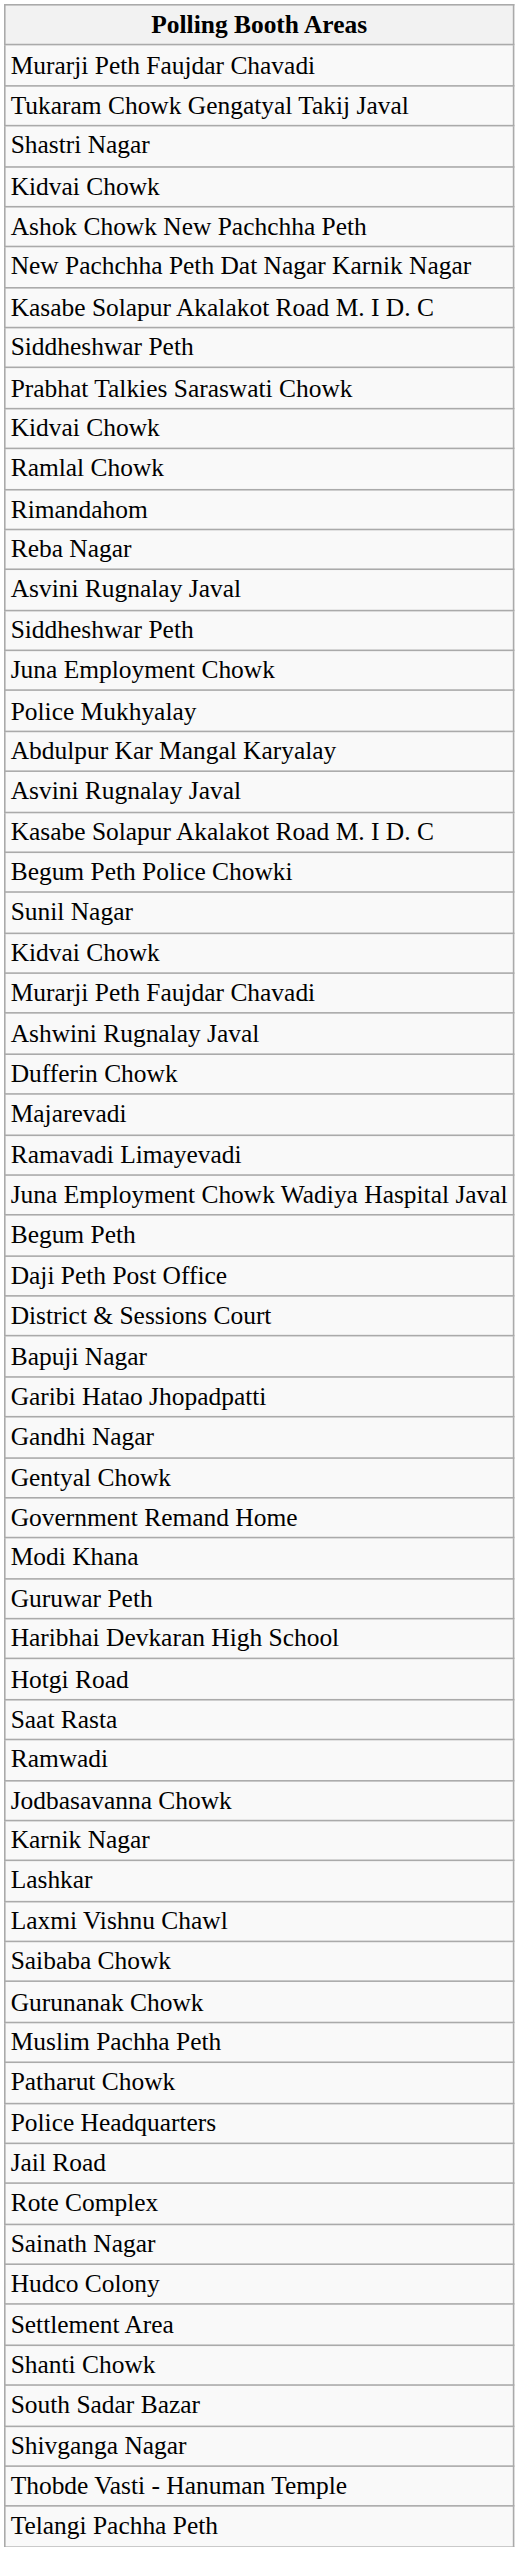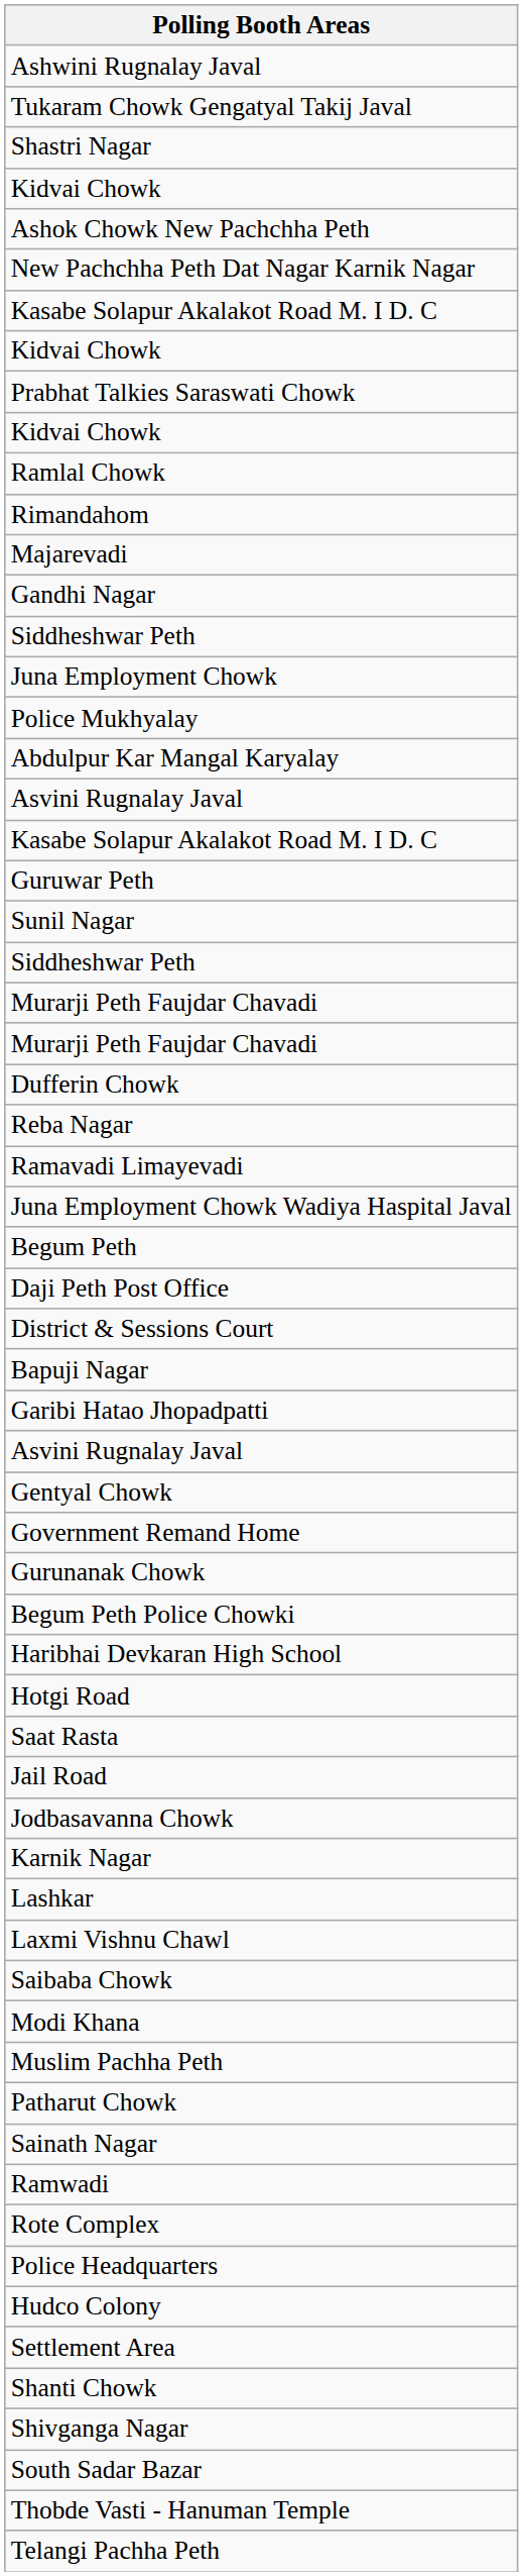 <table class="wikitable">
 <tr>
 <th><strong>Polling Booth Areas</strong></th>
 </tr>
 <tr>
-<td>Murarji Peth Faujdar Chavadi</td>
+<td>Ashwini Rugnalay Javal</td>
 </tr>
 <tr>
 <td>Tukaram Chowk Gengatyal Takij Javal</td>
 </tr>
 <tr>
 <td>Shastri Nagar</td>
 </tr>
 <tr>
 <td>Kidvai Chowk</td>
 </tr>
 <tr>
 <td>Ashok Chowk New Pachchha Peth</td>
 </tr>
 <tr>
 <td>New Pachchha Peth Dat Nagar Karnik Nagar</td>
 </tr>
 <tr>
 <td>Kasabe Solapur Akalakot Road M. I D. C</td>
 </tr>
 <tr>
-<td>Siddheshwar Peth</td>
+<td>Kidvai Chowk</td>
 </tr>
 <tr>
 <td>Prabhat Talkies Saraswati Chowk</td>
 </tr>
 <tr>
 <td>Kidvai Chowk</td>
 </tr>
 <tr>
 <td>Ramlal Chowk</td>
 </tr>
 <tr>
 <td>Rimandahom</td>
 </tr>
 <tr>
-<td>Reba Nagar</td>
+<td>Majarevadi</td>
 </tr>
 <tr>
-<td>Asvini Rugnalay Javal</td>
+<td>Gandhi Nagar</td>
 </tr>
 <tr>
 <td>Siddheshwar Peth</td>
 </tr>
 <tr>
 <td>Juna Employment Chowk</td>
 </tr>
 <tr>
 <td>Police Mukhyalay</td>
 </tr>
 <tr>
 <td>Abdulpur Kar Mangal Karyalay</td>
 </tr>
 <tr>
 <td>Asvini Rugnalay Javal</td>
 </tr>
 <tr>
 <td>Kasabe Solapur Akalakot Road M. I D. C</td>
 </tr>
 <tr>
-<td>Begum Peth Police Chowki</td>
+<td>Guruwar Peth</td>
 </tr>
 <tr>
 <td>Sunil Nagar</td>
 </tr>
 <tr>
-<td>Kidvai Chowk</td>
+<td>Siddheshwar Peth</td>
 </tr>
 <tr>
 <td>Murarji Peth Faujdar Chavadi</td>
 </tr>
 <tr>
-<td>Ashwini Rugnalay Javal</td>
+<td>Murarji Peth Faujdar Chavadi</td>
 </tr>
 <tr>
 <td>Dufferin Chowk</td>
 </tr>
 <tr>
-<td>Majarevadi</td>
+<td>Reba Nagar</td>
 </tr>
 <tr>
 <td>Ramavadi Limayevadi</td>
 </tr>
 <tr>
 <td>Juna Employment Chowk Wadiya Haspital Javal</td>
 </tr>
 <tr>
 <td>Begum Peth</td>
 </tr>
 <tr>
 <td>Daji Peth Post Office</td>
 </tr>
 <tr>
 <td>District & Sessions Court</td>
 </tr>
 <tr>
 <td>Bapuji Nagar</td>
 </tr>
 <tr>
 <td>Garibi Hatao Jhopadpatti</td>
 </tr>
 <tr>
-<td>Gandhi Nagar</td>
+<td>Asvini Rugnalay Javal</td>
 </tr>
 <tr>
 <td>Gentyal Chowk</td>
 </tr>
 <tr>
 <td>Government Remand Home</td>
 </tr>
 <tr>
-<td>Modi Khana</td>
+<td>Gurunanak Chowk</td>
 </tr>
 <tr>
-<td>Guruwar Peth</td>
+<td>Begum Peth Police Chowki</td>
 </tr>
 <tr>
 <td>Haribhai Devkaran High School</td>
 </tr>
 <tr>
 <td>Hotgi Road</td>
 </tr>
 <tr>
 <td>Saat Rasta</td>
 </tr>
 <tr>
-<td>Ramwadi</td>
+<td>Jail Road</td>
 </tr>
 <tr>
 <td>Jodbasavanna Chowk</td>
 </tr>
 <tr>
 <td>Karnik Nagar</td>
 </tr>
 <tr>
 <td>Lashkar</td>
 </tr>
 <tr>
 <td>Laxmi Vishnu Chawl</td>
 </tr>
 <tr>
 <td>Saibaba Chowk</td>
 </tr>
 <tr>
-<td>Gurunanak Chowk</td>
+<td>Modi Khana</td>
 </tr>
 <tr>
 <td>Muslim Pachha Peth</td>
 </tr>
 <tr>
 <td>Patharut Chowk</td>
 </tr>
 <tr>
-<td>Police Headquarters</td>
+<td>Sainath Nagar</td>
 </tr>
 <tr>
-<td>Jail Road</td>
+<td>Ramwadi</td>
 </tr>
 <tr>
 <td>Rote Complex</td>
 </tr>
 <tr>
-<td>Sainath Nagar</td>
+<td>Police Headquarters</td>
 </tr>
 <tr>
 <td>Hudco Colony</td>
 </tr>
 <tr>
 <td>Settlement Area</td>
 </tr>
 <tr>
 <td>Shanti Chowk</td>
 </tr>
 <tr>
-<td>South Sadar Bazar</td>
+<td>Shivganga Nagar</td>
 </tr>
 <tr>
-<td>Shivganga Nagar</td>
+<td>South Sadar Bazar</td>
 </tr>
 <tr>
 <td>Thobde Vasti - Hanuman Temple</td>
 </tr>
 <tr>
 <td>Telangi Pachha Peth</td>
 </tr>
 </table>
